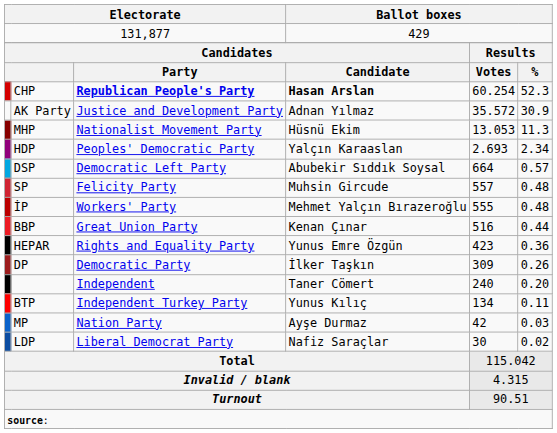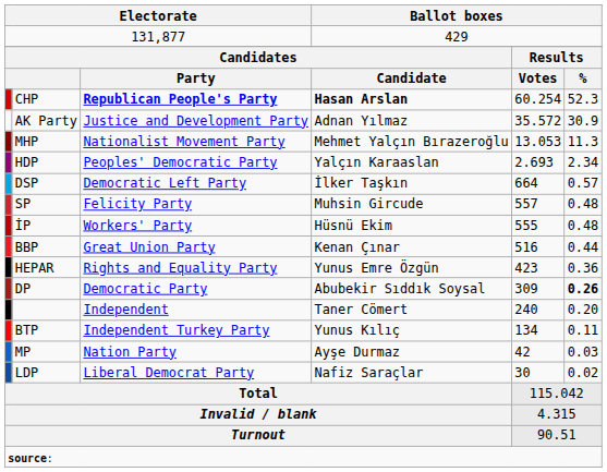 <table class="wikitable">
 <tr style="background-color:#F2F2F2">
 <td align="center" colspan="3"><strong>Electorate</strong></td>
 <td align="center" colspan="7"><strong>Ballot boxes</strong></td>
 </tr>
 <tr align="left">
 <td align="center" colspan="3">131,877</td>
 <td align="center" colspan="7">429</td>
 </tr>
 <tr>
 </tr>
 <tr style="background-color:#E9E9E9">
 </tr>
 <tr>
 <th align="center" colspan="4">Candidates</th>
 <th align="center" colspan="6">Results</th>
 </tr>
 <tr style="background-color:#E9E9E9">
 <th align="center" colspan="2"></th>
 <th align="center">Party</th>
 <th align="center">Candidate</th>
 <th align="center">Votes</th>
 <th align="center">%</th>
 </tr>
 <tr align="left">
 <td bgcolor="#d50000" width=1></td>
 <td>CHP</td>
 <td><strong><a href='#'>Republican People's Party</a></strong></td>
 <td><strong>Hasan Arslan</strong></td>
 <td>60.254</td>
 <td>52.3</td>
 </tr>
 <tr align="left">
 <td></td>
 <td>AK Party</td>
 <td><a href='#'>Justice and Development Party</a></td>
 <td>Adnan Yılmaz</td>
 <td>35.572</td>
 <td>30.9</td>
 </tr>
 <tr align="left">
 <td bgcolor="#870000" width=1></td>
 <td>MHP</td>
 <td><a href='#'>Nationalist Movement Party</a></td>
-<td>Hüsnü Ekim</td>
+<td>Mehmet Yalçın Bırazeroğlu</td>
 <td>13.053</td>
 <td>11.3</td>
 </tr>
 <tr align="left">
 <td bgcolor="#91007B" width=1></td>
 <td>HDP</td>
 <td><a href='#'>Peoples' Democratic Party</a></td>
 <td>Yalçın Karaaslan</td>
 <td>2.693</td>
 <td>2.34</td>
 </tr>
 <tr align="left">
 <td bgcolor="#01A7E1" width=1></td>
 <td>DSP</td>
 <td><a href='#'>Democratic Left Party</a></td>
-<td>Abubekir Sıddık Soysal</td>
+<td>İlker Taşkın</td>
 <td>664</td>
 <td>0.57</td>
 </tr>
 <tr align="left">
 <td bgcolor="#D02433" width=1></td>
 <td>SP</td>
 <td><a href='#'>Felicity Party</a></td>
 <td>Muhsin Gircude</td>
 <td>557</td>
 <td>0.48</td>
 </tr>
 <tr align="left">
 <td bgcolor="#BB0000" width=1></td>
 <td>İP</td>
 <td><a href='#'>Workers' Party</a></td>
-<td>Mehmet Yalçın Bırazeroğlu</td>
+<td>Hüsnü Ekim</td>
 <td>555</td>
 <td>0.48</td>
 </tr>
 <tr align="left">
 <td bgcolor="#ED1C24" width=1></td>
 <td>BBP</td>
 <td><a href='#'>Great Union Party</a></td>
 <td>Kenan Çınar</td>
 <td>516</td>
 <td>0.44</td>
 </tr>
 <tr align="left">
 <td bgcolor="#000000" width=1></td>
 <td>HEPAR</td>
 <td><a href='#'>Rights and Equality Party</a></td>
 <td>Yunus Emre Özgün</td>
 <td>423</td>
 <td>0.36</td>
 </tr>
 <tr align="left">
 <td bgcolor="#9D1D1E" width=1></td>
 <td>DP</td>
 <td><a href='#'>Democratic Party</a></td>
-<td>İlker Taşkın</td>
+<td>Abubekir Sıddık Soysal</td>
 <td>309</td>
-<td>0.26</td>
+<td><strong>0.26</strong></td>
 </tr>
 <tr align="left">
 <td bgcolor=" " width=1></td>
 <td></td>
 <td><a href='#'>Independent</a></td>
 <td>Taner Cömert</td>
 <td>240</td>
 <td>0.20</td>
 </tr>
 <tr align="left">
 <td bgcolor="#FE0000" width=1></td>
 <td>BTP</td>
 <td><a href='#'>Independent Turkey Party</a></td>
 <td>Yunus Kılıç</td>
 <td>134</td>
 <td>0.11</td>
 </tr>
 <tr align="left">
 <td bgcolor="#0C63CA" width=1></td>
 <td>MP</td>
 <td><a href='#'>Nation Party</a></td>
 <td>Ayşe Durmaz</td>
 <td>42</td>
 <td>0.03</td>
 </tr>
 <tr align="left">
 <td bgcolor="#0C4DA2" width=1></td>
 <td>LDP</td>
 <td><a href='#'>Liberal Democrat Party</a></td>
 <td>Nafiz Saraçlar</td>
 <td>30</td>
 <td>0.02</td>
 </tr>
 <tr style="background-color:#E9E9E9" align="left">
 <th align="center" colspan="4"><strong>Total</strong></th>
 <td align="center" colspan="5">115.042</td>
 </tr>
 <tr style="background-color:#E9E9E9" align="left">
 <th align="center" colspan="4"><em>Invalid / blank</em></th>
 <td align="center" colspan="5">4.315</td>
 </tr>
 <tr style="background-color:#E9E9E9" align="left">
 <th align="center" colspan="4"><em>Turnout</em></th>
 <td align="center" colspan="5">90.51</td>
 </tr>
 <tr>
 <td align="left" colspan=10><small><strong>source</strong>: </small></td>
 </tr>
 </table>
